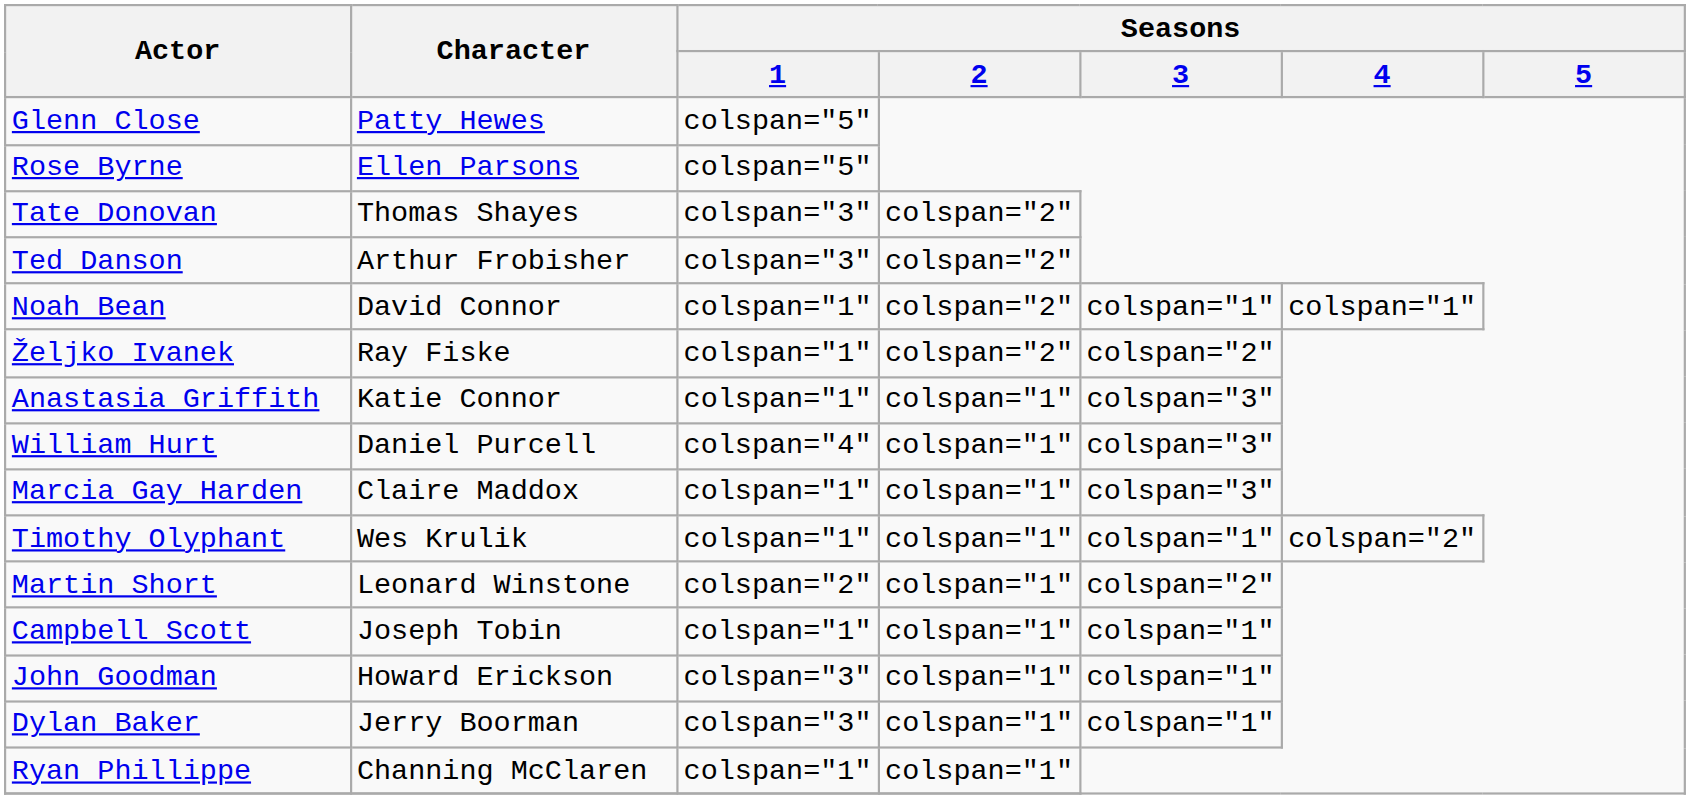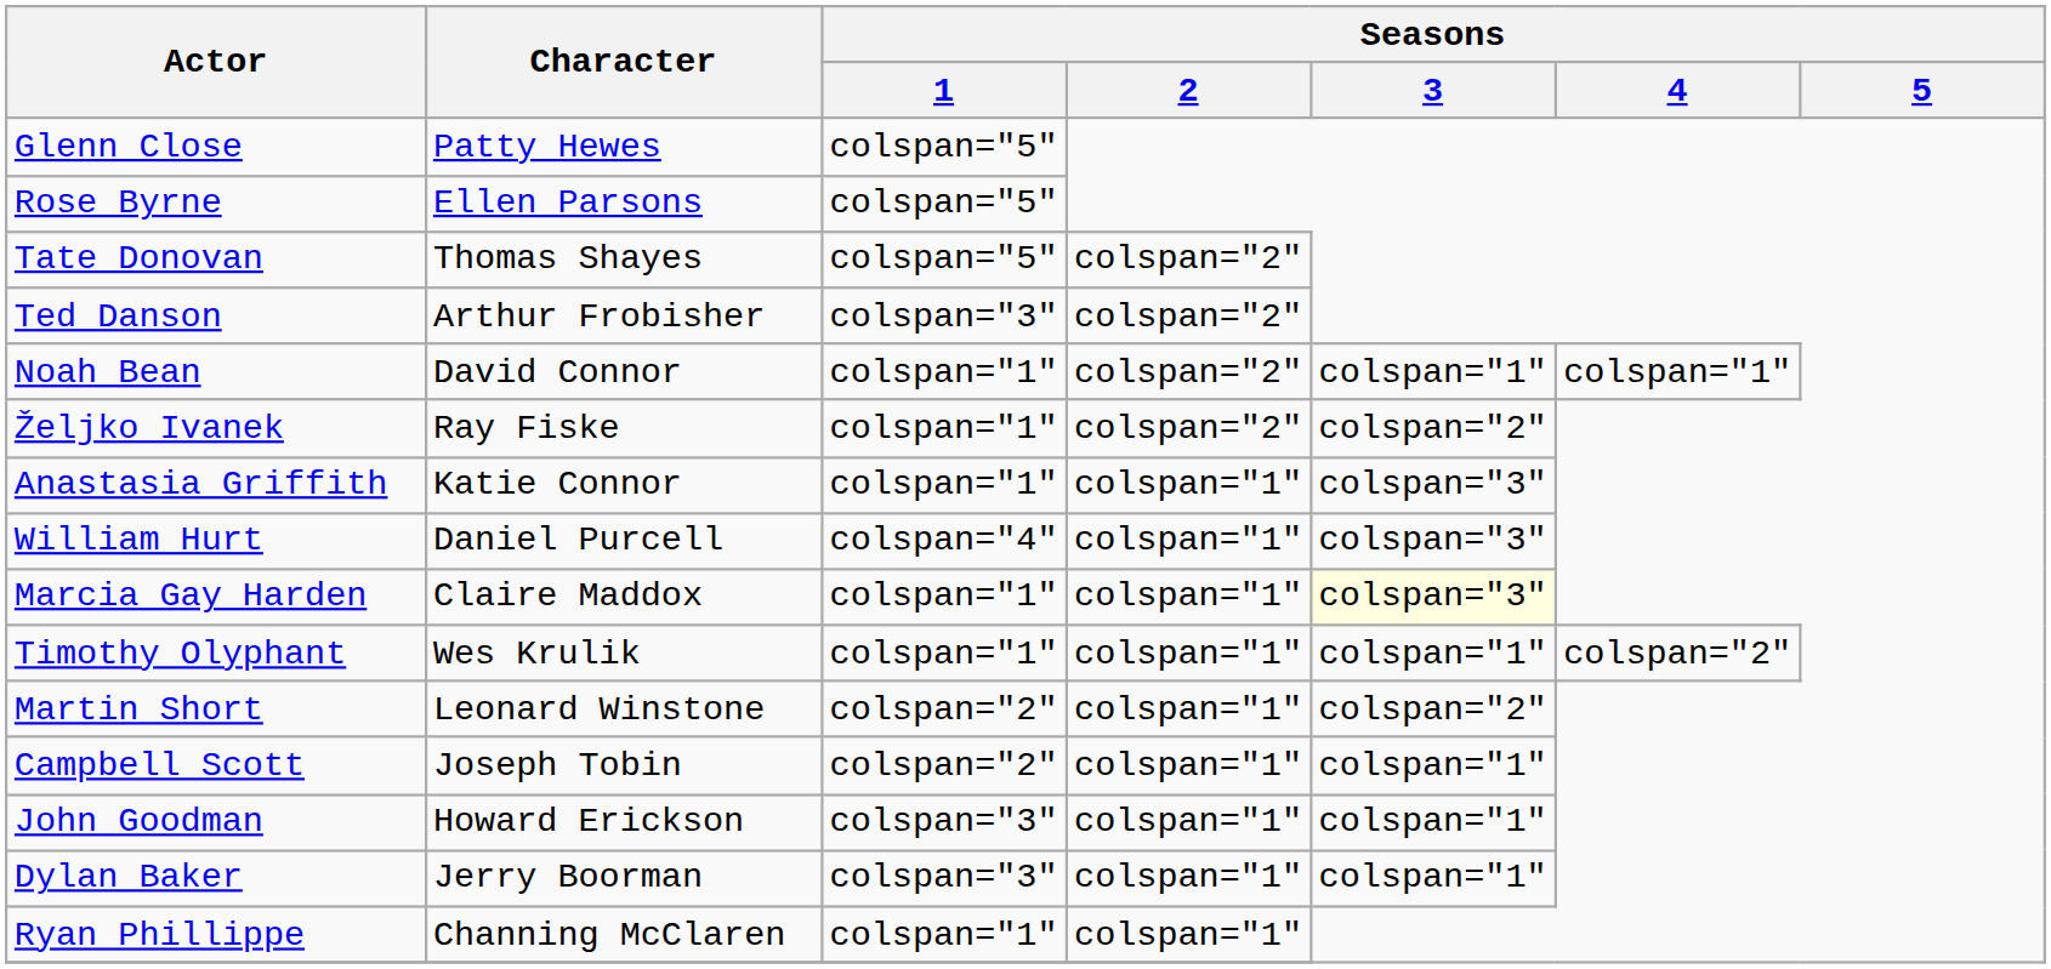 <table class="wikitable">
 <tr>
 <th rowspan="2">Actor</th>
 <th rowspan="2">Character</th>
 <th colspan="5">Seasons</th>
 </tr>
 <tr>
 <th style="width:12%;"><a href='#'>1</a></th>
 <th style="width:12%;"><a href='#'>2</a></th>
 <th style="width:12%;"><a href='#'>3</a></th>
 <th style="width:12%;"><a href='#'>4</a></th>
 <th style="width:12%;"><a href='#'>5</a></th>
 </tr>
 <tr>
 <td><a href='#'>Glenn Close</a></td>
 <td><a href='#'>Patty Hewes</a></td>
 <td>colspan="5" </td>
 </tr>
 <tr>
 <td><a href='#'>Rose Byrne</a></td>
 <td><a href='#'>Ellen Parsons</a></td>
 <td>colspan="5" </td>
 </tr>
 <tr>
 <td><a href='#'>Tate Donovan</a></td>
 <td>Thomas Shayes</td>
-<td>colspan="3" </td>
+<td>colspan="5" </td>
 <td>colspan="2" </td>
 </tr>
 <tr>
 <td><a href='#'>Ted Danson</a></td>
 <td>Arthur Frobisher</td>
 <td>colspan="3" </td>
 <td>colspan="2" </td>
 </tr>
 <tr>
 <td><a href='#'>Noah Bean</a></td>
 <td>David Connor</td>
 <td>colspan="1" </td>
 <td>colspan="2" </td>
 <td>colspan="1" </td>
 <td>colspan="1" </td>
 </tr>
 <tr>
 <td><a href='#'>Željko Ivanek</a></td>
 <td>Ray Fiske</td>
 <td>colspan="1" </td>
 <td>colspan="2" </td>
 <td>colspan="2" </td>
 </tr>
 <tr>
 <td><a href='#'>Anastasia Griffith</a></td>
 <td>Katie Connor</td>
 <td>colspan="1" </td>
 <td>colspan="1" </td>
 <td>colspan="3" </td>
 </tr>
 <tr>
 <td><a href='#'>William Hurt</a></td>
 <td>Daniel Purcell</td>
 <td>colspan="4" </td>
 <td>colspan="1" </td>
 <td>colspan="3" </td>
 </tr>
 <tr>
 <td><a href='#'>Marcia Gay Harden</a></td>
 <td>Claire Maddox</td>
 <td>colspan="1" </td>
 <td>colspan="1" </td>
-<td>colspan="3" </td>
+<td style="background: lightyellow;">colspan="3" </td>
 </tr>
 <tr>
 <td><a href='#'>Timothy Olyphant</a></td>
 <td>Wes Krulik</td>
 <td>colspan="1" </td>
 <td>colspan="1" </td>
 <td>colspan="1" </td>
 <td>colspan="2" </td>
 </tr>
 <tr>
 <td><a href='#'>Martin Short</a></td>
 <td>Leonard Winstone</td>
 <td>colspan="2" </td>
 <td>colspan="1" </td>
 <td>colspan="2" </td>
 </tr>
 <tr>
 <td><a href='#'>Campbell Scott</a></td>
 <td>Joseph Tobin</td>
-<td>colspan="1" </td>
+<td>colspan="2" </td>
 <td>colspan="1" </td>
 <td>colspan="1" </td>
 </tr>
 <tr>
 <td><a href='#'>John Goodman</a></td>
 <td>Howard Erickson</td>
 <td>colspan="3" </td>
 <td>colspan="1" </td>
 <td>colspan="1" </td>
 </tr>
 <tr>
 <td><a href='#'>Dylan Baker</a></td>
 <td>Jerry Boorman</td>
 <td>colspan="3" </td>
 <td>colspan="1" </td>
 <td>colspan="1" </td>
 </tr>
 <tr>
 <td><a href='#'>Ryan Phillippe</a></td>
 <td>Channing McClaren</td>
 <td>colspan="1" </td>
 <td>colspan="1" </td>
 </tr>
 <tr>
 </tr>
 </table>
